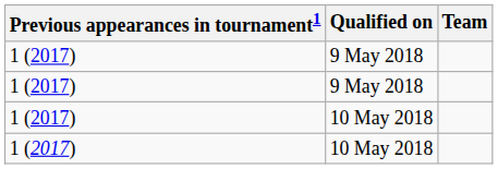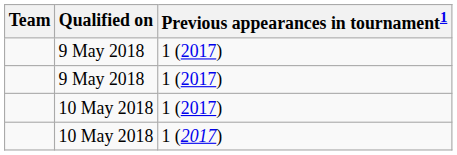 <table class="wikitable sortable" style="text-align: left;">
 <tr>
+<th>Team</th>
+<th>Qualified on</th>
 <th>Previous appearances in tournament<sup><a href='#'>1</a></sup></th>
-<th>Qualified on</th>
-<th>Team</th>
 </tr>
 <tr>
+<td></td>
+<td>9 May 2018</td>
 <td>1 (<a href='#'>2017</a>)</td>
-<td>9 May 2018</td>
-<td></td>
 </tr>
 <tr>
+<td></td>
+<td>9 May 2018</td>
 <td>1 (<a href='#'>2017</a>)</td>
-<td>9 May 2018</td>
-<td></td>
 </tr>
 <tr>
+<td></td>
+<td>10 May 2018</td>
 <td>1 (<a href='#'>2017</a>)</td>
-<td>10 May 2018</td>
-<td></td>
 </tr>
 <tr>
+<td></td>
+<td>10 May 2018</td>
 <td>1 (<em><a href='#'>2017</a></em>)</td>
-<td>10 May 2018</td>
-<td></td>
 </tr>
 </table>
